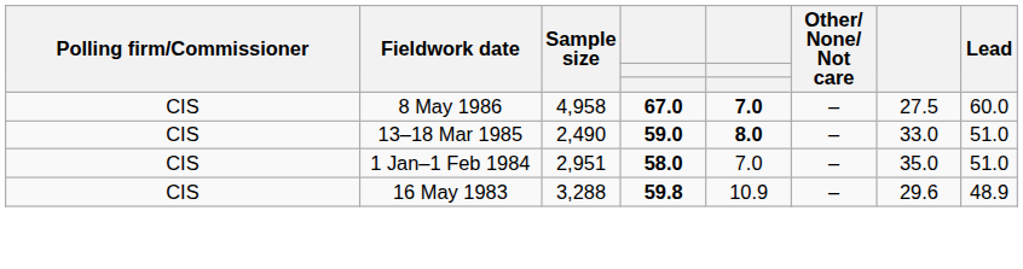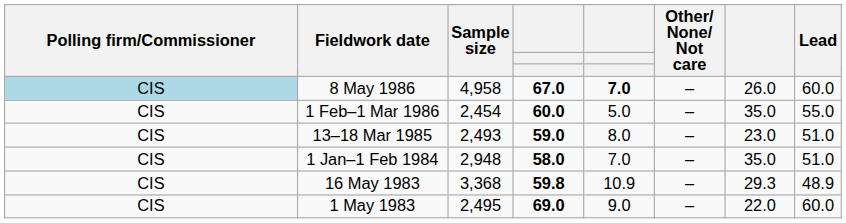 <table class="wikitable collapsible collapsed" style="text-align:center; font-size:90%; line-height:14px;">
 <tr style="height:42px;">
 <th style="width:250px;" rowspan="3">Polling firm/Commissioner</th>
 <th style="width:125px;" rowspan="3">Fieldwork date</th>
 <th style="width:50px;" rowspan="3">Sample size</th>
 <th style="width:55px;"></th>
 <th style="width:55px;"></th>
 <th style="width:55px;" rowspan="3">Other/<br>None/<br>Not<br>care</th>
 <th style="width:55px;" rowspan="3"></th>
 <th style="width:30px;" rowspan="3">Lead</th>
 </tr>
 <tr>
 <th style="color:inherit;background:"></th>
 <th style="color:inherit;background:"></th>
 </tr>
 <tr>
 <th></th>
 <th></th>
 </tr>
 <tr>
-<td>CIS</td>
+<td style="background: lightblue;">CIS</td>
 <td>8 May 1986</td>
 <td>4,958</td>
 <td><strong>67.0</strong></td>
 <td><strong>7.0</strong></td>
 <td>–</td>
-<td>27.5</td>
+<td>26.0</td>
 <td style="background:">60.0</td>
 </tr>
 <tr>
 <td>CIS</td>
+<td>1 Feb–1 Mar 1986</td>
+<td>2,454</td>
+<td><strong>60.0</strong></td>
+<td>5.0</td>
+<td>–</td>
+<td>35.0</td>
+<td style="background:">55.0</td>
+</tr>
+<tr>
+<td>CIS</td>
 <td>13–18 Mar 1985</td>
-<td>2,490</td>
+<td>2,493</td>
 <td><strong>59.0</strong></td>
-<td><strong>8.0</strong></td>
+<td>8.0</td>
 <td>–</td>
-<td>33.0</td>
+<td>23.0</td>
 <td style="background:">51.0</td>
 </tr>
 <tr>
 <td>CIS</td>
 <td>1 Jan–1 Feb 1984</td>
-<td>2,951</td>
+<td>2,948</td>
 <td><strong>58.0</strong></td>
 <td>7.0</td>
 <td>–</td>
 <td>35.0</td>
 <td style="background:">51.0</td>
 </tr>
 <tr>
 <td>CIS</td>
 <td>16 May 1983</td>
-<td>3,288</td>
+<td>3,368</td>
 <td><strong>59.8</strong></td>
 <td>10.9</td>
 <td>–</td>
-<td>29.6</td>
+<td>29.3</td>
 <td style="background:">48.9</td>
 </tr>
+<tr>
+<td>CIS</td>
+<td>1 May 1983</td>
+<td>2,495</td>
+<td><strong>69.0</strong></td>
+<td>9.0</td>
+<td>–</td>
+<td>22.0</td>
+<td style="background:">60.0</td>
+</tr>
 </table>
